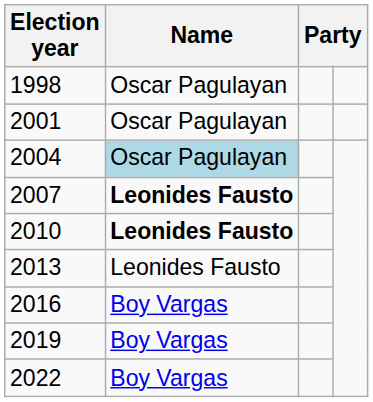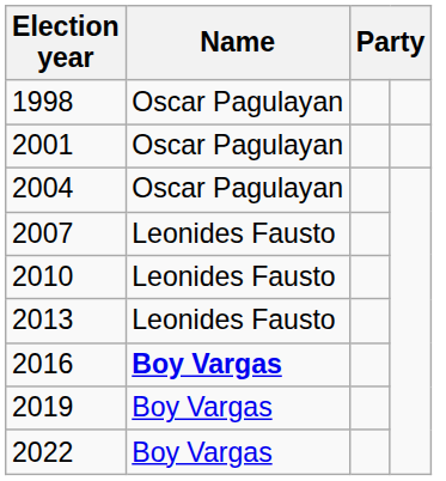 <table class=wikitable>
 <tr>
 <th>Election<br>year</th>
 <th>Name</th>
 <th colspan=2>Party</th>
 </tr>
 <tr>
 <td>1998</td>
 <td>Oscar Pagulayan</td>
 <td></td>
 <td></td>
 </tr>
 <tr>
 <td>2001</td>
 <td>Oscar Pagulayan</td>
 <td></td>
 <td></td>
 </tr>
 <tr>
 <td>2004</td>
-<td style="background: lightblue;">Oscar Pagulayan</td>
+<td>Oscar Pagulayan</td>
 <td></td>
 </tr>
 <tr>
 <td>2007</td>
-<td><strong>Leonides Fausto</strong></td>
+<td>Leonides Fausto</td>
 <td></td>
 </tr>
 <tr>
 <td>2010</td>
-<td><strong>Leonides Fausto</strong></td>
+<td>Leonides Fausto</td>
 <td></td>
 </tr>
 <tr>
 <td>2013</td>
 <td>Leonides Fausto</td>
 <td></td>
 </tr>
 <tr>
 <td>2016</td>
-<td><a href='#'>Boy Vargas</a></td>
+<td><strong><a href='#'>Boy Vargas</a></strong></td>
 <td></td>
 </tr>
 <tr>
 <td>2019</td>
 <td><a href='#'>Boy Vargas</a></td>
 <td></td>
 </tr>
 <tr>
 <td>2022</td>
 <td><a href='#'>Boy Vargas</a></td>
 <td></td>
 </tr>
 </table>
